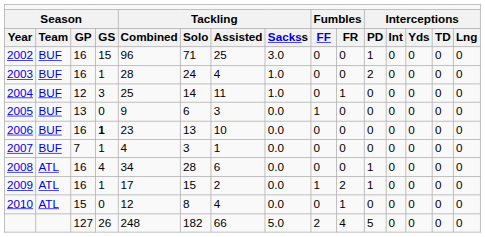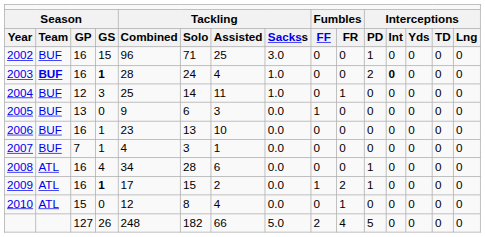 <table class="wikitable">
 <tr>
 <td ! colspan="19"></td>
 </tr>
 <tr>
 <th colspan=4>Season</th>
 <th colspan=4>Tackling</th>
 <th colspan=2>Fumbles</th>
 <th colspan=5>Interceptions</th>
 </tr>
 <tr>
 <th>Year</th>
 <th>Team</th>
 <th>GP</th>
 <th>GS</th>
 <th>Combined</th>
 <th>Solo</th>
 <th>Assisted</th>
 <th><a href='#'>Sacks</a>s</th>
 <th><a href='#'>FF</a></th>
 <th>FR</th>
 <th>PD</th>
 <th>Int</th>
 <th>Yds</th>
 <th>TD</th>
 <th>Lng</th>
 </tr>
 <tr>
 <td><a href='#'>2002</a></td>
 <td><a href='#'>BUF</a></td>
 <td>16</td>
 <td>15</td>
 <td>96</td>
 <td>71</td>
 <td>25</td>
 <td>3.0</td>
 <td>0</td>
 <td>0</td>
 <td>1</td>
 <td>0</td>
 <td>0</td>
 <td>0</td>
 <td>0</td>
 </tr>
 <tr>
 <td><a href='#'>2003</a></td>
-<td><a href='#'>BUF</a></td>
+<td><strong><a href='#'>BUF</a></strong></td>
 <td>16</td>
-<td>1</td>
+<td><strong>1</strong></td>
 <td>28</td>
 <td>24</td>
 <td>4</td>
 <td>1.0</td>
 <td>0</td>
 <td>0</td>
 <td>2</td>
-<td>0</td>
+<td><strong>0</strong></td>
 <td>0</td>
 <td>0</td>
 <td>0</td>
 </tr>
 <tr>
 <td><a href='#'>2004</a></td>
 <td><a href='#'>BUF</a></td>
 <td>12</td>
 <td>3</td>
 <td>25</td>
 <td>14</td>
 <td>11</td>
 <td>1.0</td>
 <td>0</td>
 <td>1</td>
 <td>0</td>
 <td>0</td>
 <td>0</td>
 <td>0</td>
 <td>0</td>
 </tr>
 <tr>
 <td><a href='#'>2005</a></td>
 <td><a href='#'>BUF</a></td>
 <td>13</td>
 <td>0</td>
 <td>9</td>
 <td>6</td>
 <td>3</td>
 <td>0.0</td>
 <td>1</td>
 <td>0</td>
 <td>0</td>
 <td>0</td>
 <td>0</td>
 <td>0</td>
 <td>0</td>
 </tr>
 <tr>
 <td><a href='#'>2006</a></td>
 <td><a href='#'>BUF</a></td>
 <td>16</td>
-<td><strong>1</strong></td>
+<td>1</td>
 <td>23</td>
 <td>13</td>
 <td>10</td>
 <td>0.0</td>
 <td>0</td>
 <td>0</td>
 <td>0</td>
 <td>0</td>
 <td>0</td>
 <td>0</td>
 <td>0</td>
 </tr>
 <tr>
 <td><a href='#'>2007</a></td>
 <td><a href='#'>BUF</a></td>
 <td>7</td>
 <td>1</td>
 <td>4</td>
 <td>3</td>
 <td>1</td>
 <td>0.0</td>
 <td>0</td>
 <td>0</td>
 <td>0</td>
 <td>0</td>
 <td>0</td>
 <td>0</td>
 <td>0</td>
 </tr>
 <tr>
 <td><a href='#'>2008</a></td>
 <td><a href='#'>ATL</a></td>
 <td>16</td>
 <td>4</td>
 <td>34</td>
 <td>28</td>
 <td>6</td>
 <td>0.0</td>
 <td>0</td>
 <td>0</td>
 <td>1</td>
 <td>0</td>
 <td>0</td>
 <td>0</td>
 <td>0</td>
 </tr>
 <tr>
 <td><a href='#'>2009</a></td>
 <td><a href='#'>ATL</a></td>
 <td>16</td>
-<td>1</td>
+<td><strong>1</strong></td>
 <td>17</td>
 <td>15</td>
 <td>2</td>
 <td>0.0</td>
 <td>1</td>
 <td>2</td>
 <td>1</td>
 <td>0</td>
 <td>0</td>
 <td>0</td>
 <td>0</td>
 </tr>
 <tr>
 <td><a href='#'>2010</a></td>
 <td><a href='#'>ATL</a></td>
 <td>15</td>
 <td>0</td>
 <td>12</td>
 <td>8</td>
 <td>4</td>
 <td>0.0</td>
 <td>0</td>
 <td>1</td>
 <td>0</td>
 <td>0</td>
 <td>0</td>
 <td>0</td>
 <td>0</td>
 </tr>
 <tr>
 <td></td>
 <td></td>
 <td>127</td>
 <td>26</td>
 <td>248</td>
 <td>182</td>
 <td>66</td>
 <td>5.0</td>
 <td>2</td>
 <td>4</td>
 <td>5</td>
 <td>0</td>
 <td>0</td>
 <td>0</td>
 <td>0</td>
 </tr>
 </table>
